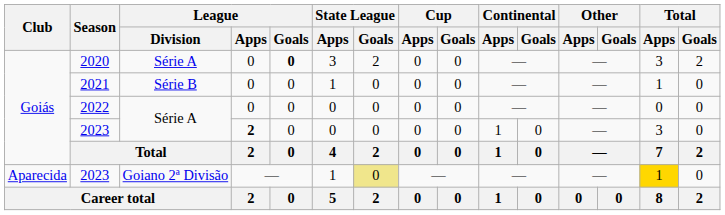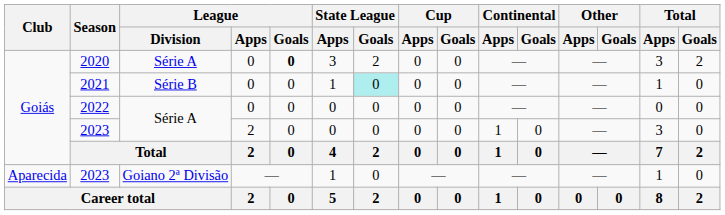 <table class="wikitable" style="text-align: center;">
 <tr>
 <th rowspan="2">Club</th>
 <th rowspan="2">Season</th>
 <th colspan="3">League</th>
 <th colspan="2">State League</th>
 <th colspan="2">Cup</th>
 <th colspan="2">Continental</th>
 <th colspan="2">Other</th>
 <th colspan="2">Total</th>
 </tr>
 <tr>
 <th>Division</th>
 <th>Apps</th>
 <th>Goals</th>
 <th>Apps</th>
 <th>Goals</th>
 <th>Apps</th>
 <th>Goals</th>
 <th>Apps</th>
 <th>Goals</th>
 <th>Apps</th>
 <th>Goals</th>
 <th>Apps</th>
 <th>Goals</th>
 </tr>
 <tr>
 <td rowspan="5" valign="center"><a href='#'>Goiás</a></td>
 <td><a href='#'>2020</a></td>
 <td><a href='#'>Série A</a></td>
 <td>0</td>
 <td><strong>0</strong></td>
 <td>3</td>
 <td>2</td>
 <td>0</td>
 <td>0</td>
 <td colspan="2">—</td>
 <td colspan="2">—</td>
 <td>3</td>
 <td>2</td>
 </tr>
 <tr>
 <td><a href='#'>2021</a></td>
 <td><a href='#'>Série B</a></td>
 <td>0</td>
 <td>0</td>
 <td>1</td>
-<td>0</td>
+<td style="background: paleturquoise;">0</td>
 <td>0</td>
 <td>0</td>
 <td colspan="2">—</td>
 <td colspan="2">—</td>
 <td>1</td>
 <td>0</td>
 </tr>
 <tr>
 <td><a href='#'>2022</a></td>
 <td rowspan="2">Série A</td>
 <td>0</td>
 <td>0</td>
 <td>0</td>
 <td>0</td>
 <td>0</td>
 <td>0</td>
 <td colspan="2">—</td>
 <td colspan="2">—</td>
 <td>0</td>
 <td>0</td>
 </tr>
 <tr>
 <td><a href='#'>2023</a></td>
-<td><strong>2</strong></td>
+<td>2</td>
 <td>0</td>
 <td>0</td>
 <td>0</td>
 <td>0</td>
 <td>0</td>
 <td>1</td>
 <td>0</td>
 <td colspan="2">—</td>
 <td>3</td>
 <td>0</td>
 </tr>
 <tr>
 <th colspan="2">Total</th>
 <th>2</th>
 <th>0</th>
 <th>4</th>
 <th>2</th>
 <th>0</th>
 <th>0</th>
 <th>1</th>
 <th>0</th>
 <th colspan="2">—</th>
 <th>7</th>
 <th>2</th>
 </tr>
 <tr>
 <td valign="center"><a href='#'>Aparecida</a></td>
 <td><a href='#'>2023</a></td>
 <td><a href='#'>Goiano 2ª Divisão</a></td>
 <td colspan="2">—</td>
 <td>1</td>
-<td style="background: khaki;">0</td>
+<td>0</td>
 <td colspan="2">—</td>
 <td colspan="2">—</td>
 <td colspan="2">—</td>
-<td style="background: gold;">1</td>
+<td>1</td>
 <td>0</td>
 </tr>
 <tr>
 <th colspan="3"><strong>Career total</strong></th>
 <th>2</th>
 <th>0</th>
 <th>5</th>
 <th>2</th>
 <th>0</th>
 <th>0</th>
 <th>1</th>
 <th>0</th>
 <th>0</th>
 <th>0</th>
 <th>8</th>
 <th>2</th>
 </tr>
 </table>
